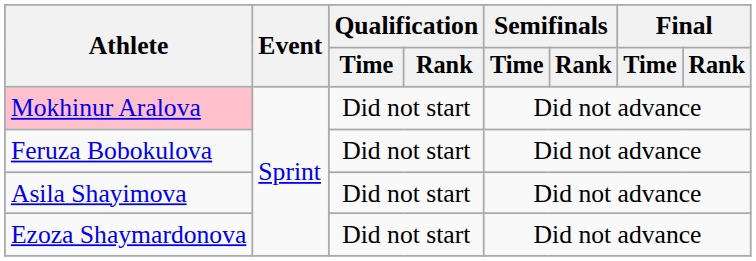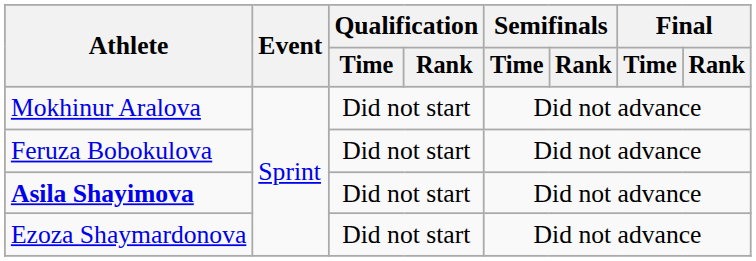 <table class="wikitable" style="font-size:90%">
 <tr>
 <th rowspan=2>Athlete</th>
 <th rowspan=2>Event</th>
 <th colspan=2>Qualification</th>
 <th colspan=2>Semifinals</th>
 <th colspan=2>Final</th>
 </tr>
 <tr style="font-size:95%">
 <th>Time</th>
 <th>Rank</th>
 <th>Time</th>
 <th>Rank</th>
 <th>Time</th>
 <th>Rank</th>
 </tr>
 <tr align=center>
-<td align=left style="background: pink;"><a href='#'>Mokhinur Aralova</a></td>
+<td align=left><a href='#'>Mokhinur Aralova</a></td>
 <td align=left rowspan=4><a href='#'>Sprint</a></td>
 <td colspan=2>Did not start</td>
 <td colspan=4>Did not advance</td>
 </tr>
 <tr align=center>
 <td align=left><a href='#'>Feruza Bobokulova</a></td>
 <td colspan=2>Did not start</td>
 <td colspan=4>Did not advance</td>
 </tr>
 <tr align=center>
-<td align=left><a href='#'>Asila Shayimova</a></td>
+<td align=left><strong><a href='#'>Asila Shayimova</a></strong></td>
 <td colspan=2>Did not start</td>
 <td colspan=4>Did not advance</td>
 </tr>
 <tr align=center>
 <td align=left><a href='#'>Ezoza Shaymardonova</a></td>
 <td colspan=2>Did not start</td>
 <td colspan=4>Did not advance</td>
 </tr>
 </table>
